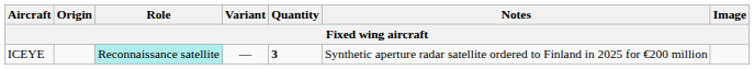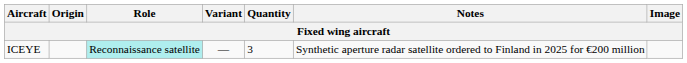 <table class="wikitable">
 <tr>
 <th>Aircraft</th>
 <th>Origin</th>
 <th>Role</th>
 <th>Variant</th>
 <th>Quantity</th>
 <th>Notes</th>
 <th>Image</th>
 </tr>
 <tr>
 <th colspan="7">Fixed wing aircraft</th>
 </tr>
 <tr>
 <td>ICEYE</td>
 <td></td>
 <td style="background: paleturquoise;">Reconnaissance satellite</td>
 <td style="text-align: center;">—</td>
-<td><strong>3</strong></td>
+<td>3</td>
 <td>Synthetic aperture radar satellite ordered to Finland in 2025 for €200 million</td>
 <td></td>
 </tr>
 </table>
